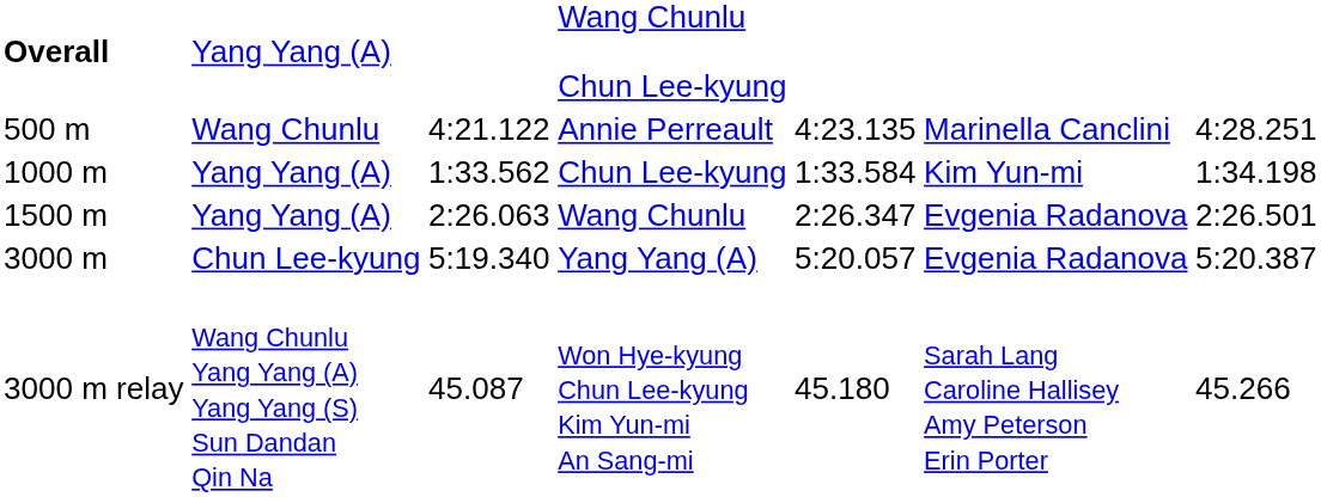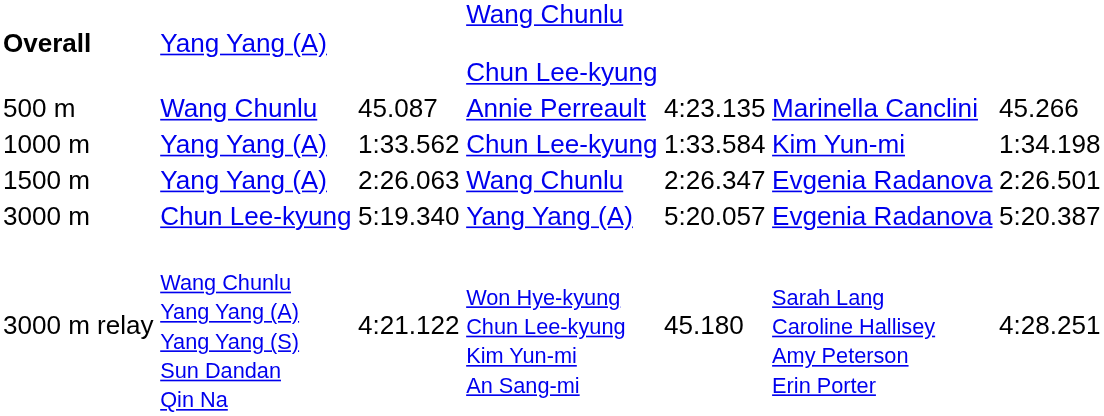 <table>
 <tr>
 <td><strong>Overall</strong></td>
 <td><a href='#'>Yang Yang (A)</a> <br> </td>
 <td></td>
 <td><a href='#'>Wang Chunlu</a> <br> <br><a href='#'>Chun Lee-kyung</a> <br> </td>
 <td></td>
 <td></td>
 <td></td>
 </tr>
 <tr>
 <td>500 m</td>
 <td><a href='#'>Wang Chunlu</a> <br> </td>
-<td>4:21.122</td>
+<td>45.087</td>
 <td><a href='#'>Annie Perreault</a> <br> </td>
 <td>4:23.135</td>
 <td><a href='#'>Marinella Canclini</a> <br> </td>
-<td>4:28.251</td>
+<td>45.266</td>
 </tr>
 <tr>
 <td>1000 m</td>
 <td><a href='#'>Yang Yang (A)</a> <br> </td>
 <td>1:33.562</td>
 <td><a href='#'>Chun Lee-kyung</a> <br> </td>
 <td>1:33.584</td>
 <td><a href='#'>Kim Yun-mi</a> <br> </td>
 <td>1:34.198</td>
 </tr>
 <tr>
 <td>1500 m</td>
 <td><a href='#'>Yang Yang (A)</a> <br> </td>
 <td>2:26.063</td>
 <td><a href='#'>Wang Chunlu</a> <br> </td>
 <td>2:26.347</td>
 <td><a href='#'>Evgenia Radanova</a> <br> </td>
 <td>2:26.501</td>
 </tr>
 <tr>
 <td>3000 m</td>
 <td><a href='#'>Chun Lee-kyung</a> <br> </td>
 <td>5:19.340</td>
 <td><a href='#'>Yang Yang (A)</a> <br> </td>
 <td>5:20.057</td>
 <td><a href='#'>Evgenia Radanova</a> <br> </td>
 <td>5:20.387</td>
 </tr>
 <tr>
 <td>3000 m relay</td>
 <td> <br><small><a href='#'>Wang Chunlu</a><br><a href='#'>Yang Yang (A)</a><br><a href='#'>Yang Yang (S)</a><br><a href='#'>Sun Dandan</a><br><a href='#'>Qin Na</a></small></td>
-<td>45.087</td>
+<td>4:21.122</td>
 <td> <br><small><a href='#'>Won Hye-kyung</a><br><a href='#'>Chun Lee-kyung</a><br><a href='#'>Kim Yun-mi</a><br><a href='#'>An Sang-mi</a></small></td>
 <td>45.180</td>
 <td> <br><small><a href='#'>Sarah Lang</a><br><a href='#'>Caroline Hallisey</a><br><a href='#'>Amy Peterson</a><br><a href='#'>Erin Porter</a></small></td>
-<td>45.266</td>
+<td>4:28.251</td>
 </tr>
 </table>
